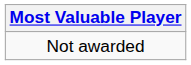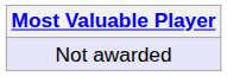 <table class=wikitable style="text-align:center; margin:auto">
 <tr>
 <th><a href='#'>Most Valuable Player</a></th>
 </tr>
 <tr>
-<td> Not awarded</td>
+<td style="background: lavender;"> Not awarded</td>
 </tr>
 </table>
